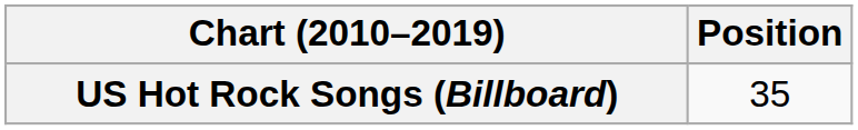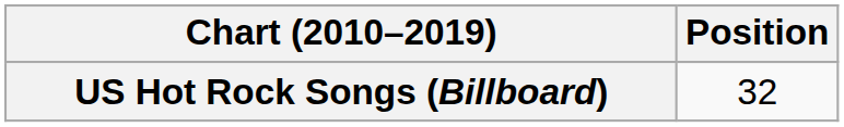 <table class="wikitable plainrowheaders" style="text-align:center">
 <tr>
 <th scope="col" style="width:18em;">Chart (2010–2019)</th>
 <th scope="col">Position</th>
 </tr>
 <tr>
 <th scope="row">US Hot Rock Songs (<em>Billboard</em>)</th>
-<td>35</td>
+<td>32</td>
 </tr>
 </table>
